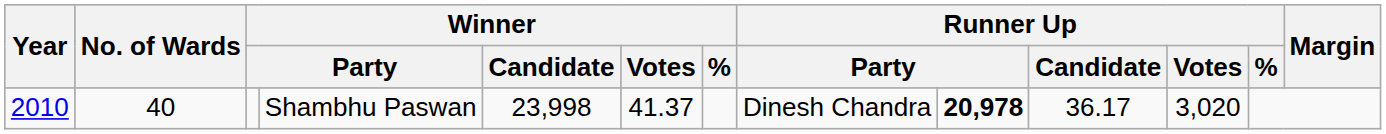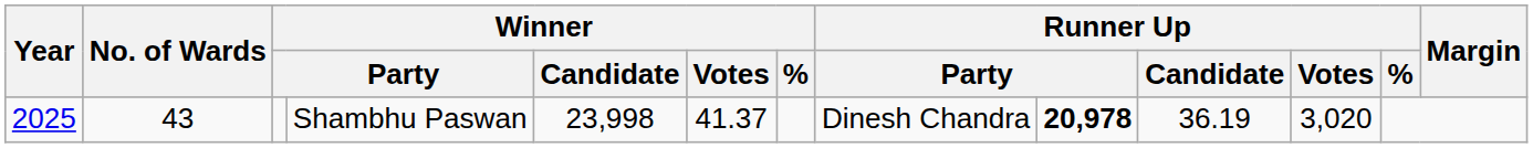 <table class="wikitable sortable" style="text-align:center;">
 <tr>
 <th rowspan="2">Year</th>
 <th rowspan="2">No. of Wards</th>
 <th colspan="5">Winner</th>
 <th colspan="5">Runner Up</th>
 <th rowspan="2">Margin</th>
 </tr>
 <tr>
 <th colspan="2">Party</th>
 <th>Candidate</th>
 <th>Votes</th>
 <th>%</th>
 <th colspan="2">Party</th>
 <th>Candidate</th>
 <th>Votes</th>
 <th>%</th>
 </tr>
 <tr>
-<td><a href='#'>2010</a></td>
-<td>40</td>
+<td><a href='#'>2025</a></td>
+<td>43</td>
 <td></td>
 <td>Shambhu Paswan</td>
 <td>23,998</td>
 <td>41.37</td>
 <td></td>
 <td>Dinesh Chandra</td>
 <td><strong>20,978</strong></td>
-<td>36.17</td>
+<td>36.19</td>
 <td style="background:">3,020</td>
 </tr>
 </table>
